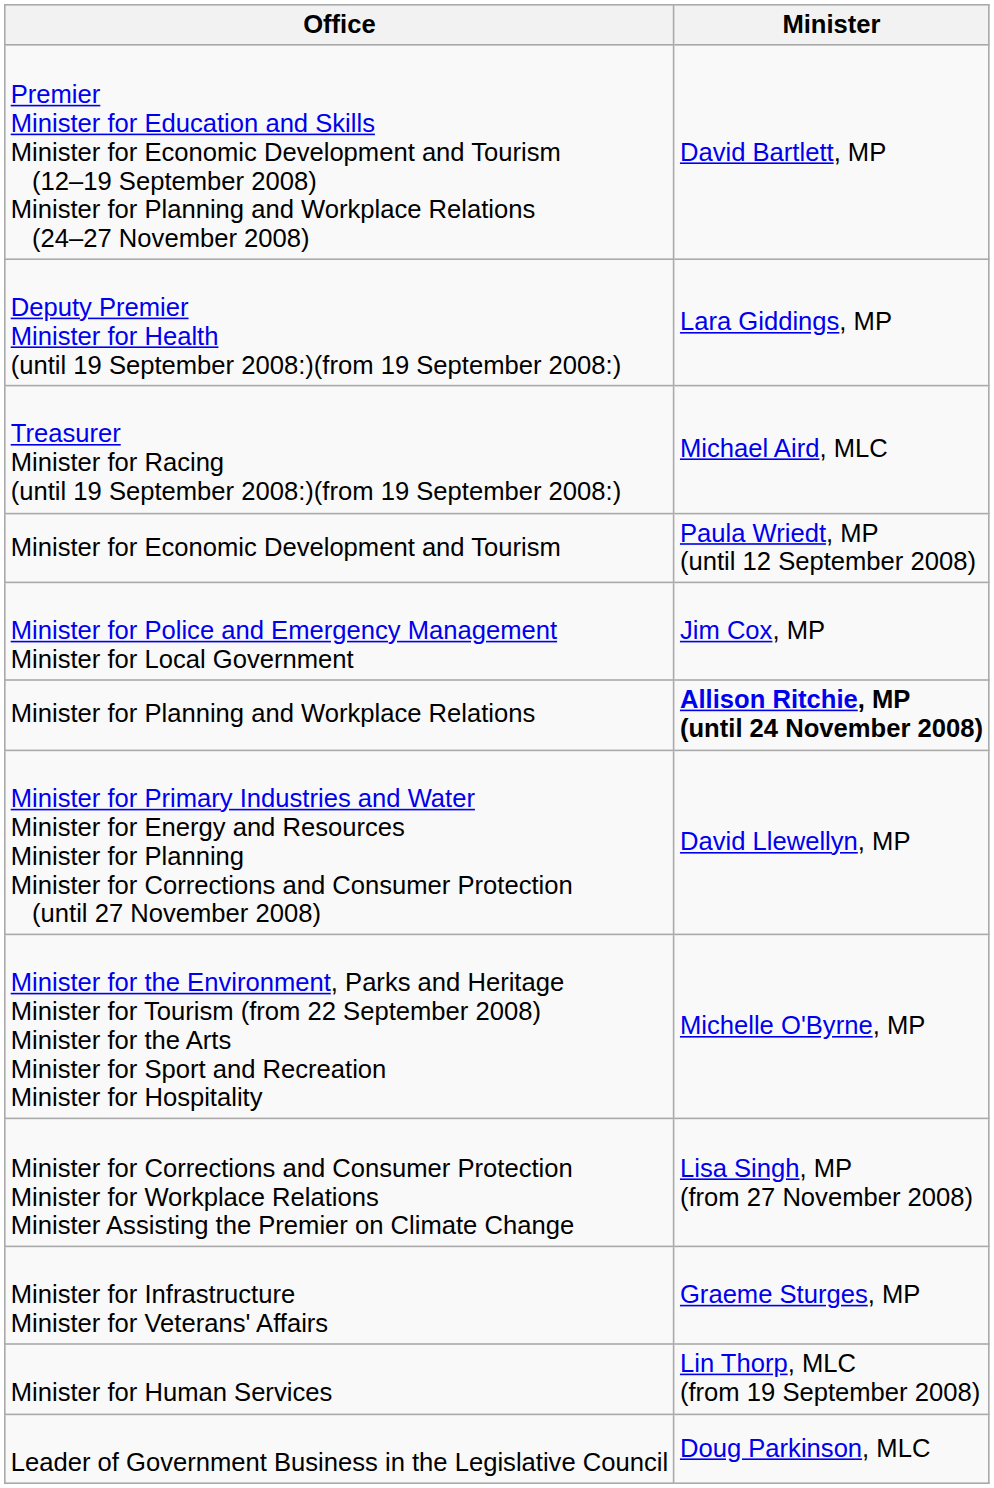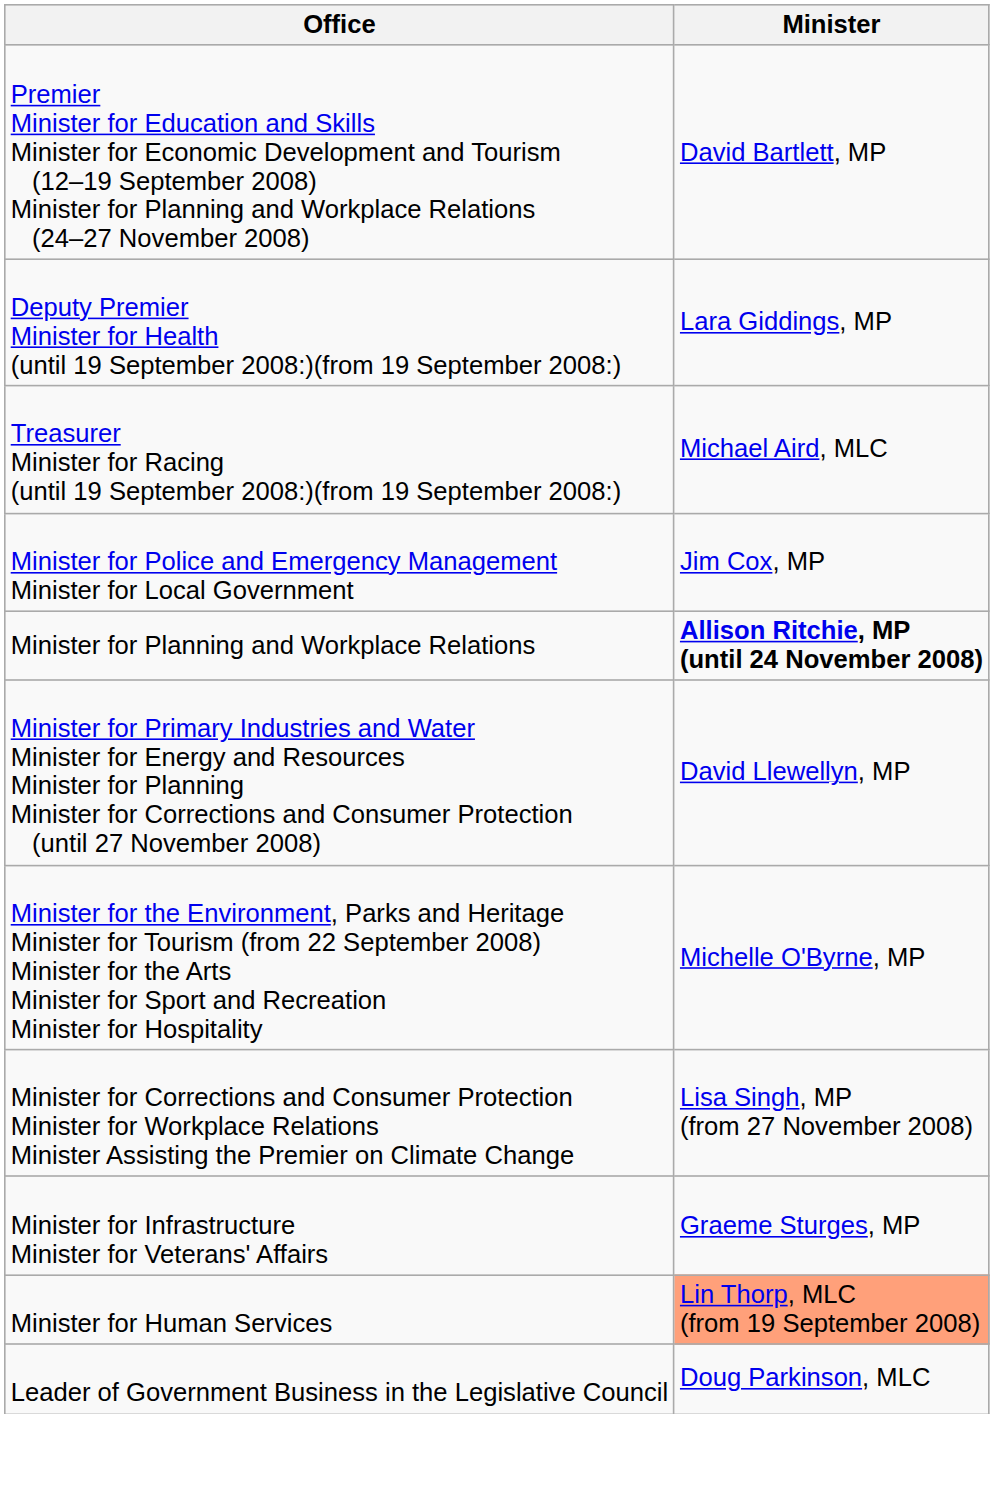 <table class="wikitable">
 <tr>
 <th>Office</th>
 <th>Minister</th>
 </tr>
 <tr>
 <td><br><a href='#'>Premier</a><br> <a href='#'>Minister for Education and Skills</a><br> Minister for Economic Development and Tourism<br>   (12–19 September 2008)<br> Minister for Planning and Workplace Relations<br>   (24–27 November 2008)<br></td>
 <td><a href='#'>David Bartlett</a>, MP</td>
 </tr>
 <tr>
 <td><br><a href='#'>Deputy Premier</a><br> <a href='#'>Minister for Health</a><br>(until 19 September 2008:)(from 19 September 2008:)</td>
 <td><a href='#'>Lara Giddings</a>, MP</td>
 </tr>
 <tr>
 <td><br><a href='#'>Treasurer</a><br> Minister for Racing<br>(until 19 September 2008:)(from 19 September 2008:)</td>
 <td><a href='#'>Michael Aird</a>, MLC</td>
-</tr>
-<tr>
-<td>Minister for Economic Development and Tourism</td>
-<td><a href='#'>Paula Wriedt</a>, MP<br>(until 12 September 2008)</td>
 </tr>
 <tr>
 <td><br><a href='#'>Minister for Police and Emergency Management</a><br> Minister for Local Government<br></td>
 <td><a href='#'>Jim Cox</a>, MP</td>
 </tr>
 <tr>
 <td>Minister for Planning and Workplace Relations</td>
 <td><strong><a href='#'>Allison Ritchie</a>, MP<br>(until 24 November 2008)</strong></td>
 </tr>
 <tr>
 <td><br><a href='#'>Minister for Primary Industries and Water</a><br> Minister for Energy and Resources<br> Minister for Planning<br> Minister for Corrections and Consumer Protection<br>   (until 27 November 2008)<br></td>
 <td><a href='#'>David Llewellyn</a>, MP</td>
 </tr>
 <tr>
 <td><br><a href='#'>Minister for the Environment</a>, Parks and Heritage<br> Minister for Tourism (from 22 September 2008)<br> Minister for the Arts<br> Minister for Sport and Recreation<br> Minister for Hospitality<br></td>
 <td><a href='#'>Michelle O'Byrne</a>, MP</td>
 </tr>
 <tr>
 <td><br>Minister for Corrections and Consumer Protection<br> Minister for Workplace Relations<br> Minister Assisting the Premier on Climate Change<br></td>
 <td><a href='#'>Lisa Singh</a>, MP<br>(from 27 November 2008)</td>
 </tr>
 <tr>
 <td><br>Minister for Infrastructure<br> Minister for Veterans' Affairs<br></td>
 <td><a href='#'>Graeme Sturges</a>, MP</td>
 </tr>
 <tr>
 <td><br>Minister for Human Services</td>
-<td><a href='#'>Lin Thorp</a>, MLC<br>(from 19 September 2008)</td>
+<td style="background: lightsalmon;"><a href='#'>Lin Thorp</a>, MLC<br>(from 19 September 2008)</td>
 </tr>
 <tr>
 <td><br>Leader of Government Business in the Legislative Council</td>
 <td><a href='#'>Doug Parkinson</a>, MLC</td>
 </tr>
 </table>
